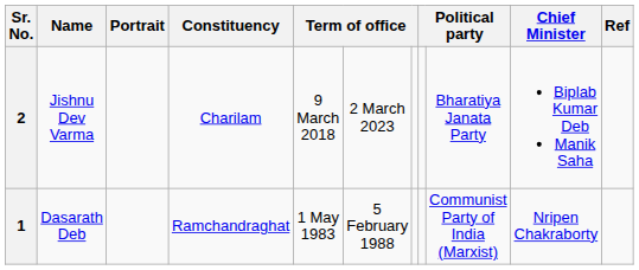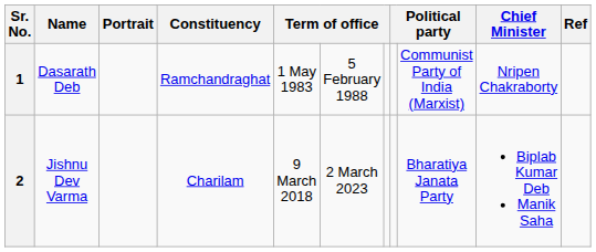 <table class="wikitable" style="width:75%; text-align:center">
 <tr>
 <th>Sr. No.</th>
 <th>Name</th>
 <th>Portrait</th>
 <th>Constituency</th>
 <th colspan=3>Term of office</th>
 <th colspan=2>Political party</th>
 <th><a href='#'>Chief Minister</a></th>
 <th>Ref</th>
+</tr>
+<tr>
+<th>1</th>
+<td><a href='#'>Dasarath Deb</a></td>
+<td></td>
+<td><a href='#'>Ramchandraghat</a></td>
+<td>1 May 1983</td>
+<td>5 February 1988</td>
+<td></td>
+<td width="4px" style="background-color: "></td>
+<td><a href='#'>Communist Party of India (Marxist)</a></td>
+<td><a href='#'>Nripen Chakraborty</a></td>
+<td></td>
 </tr>
 <tr>
 <th>2</th>
 <td><a href='#'>Jishnu Dev Varma</a></td>
 <td></td>
 <td><a href='#'>Charilam</a></td>
 <td>9 March 2018</td>
 <td>2 March 2023</td>
 <td></td>
 <td width="4px" style="background-color: "></td>
 <td><a href='#'>Bharatiya Janata Party</a></td>
 <td><br><ul><li><a href='#'>Biplab Kumar Deb</a></li><li><a href='#'>Manik Saha</a></li></ul></td>
 <td></td>
 </tr>
-<tr>
-<th>1</th>
-<td><a href='#'>Dasarath Deb</a></td>
-<td></td>
-<td><a href='#'>Ramchandraghat</a></td>
-<td>1 May 1983</td>
-<td>5 February 1988</td>
-<td></td>
-<td width="4px" style="background-color: "></td>
-<td><a href='#'>Communist Party of India (Marxist)</a></td>
-<td><a href='#'>Nripen Chakraborty</a></td>
-<td></td>
-</tr>
 </table>
